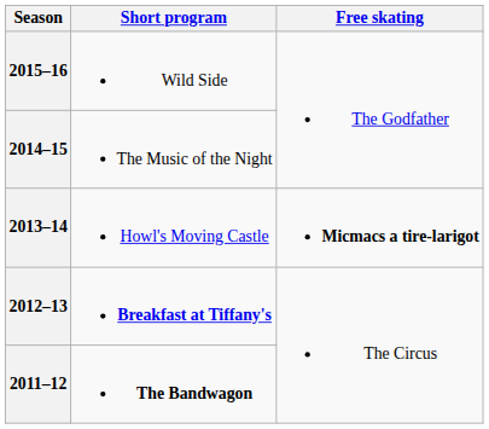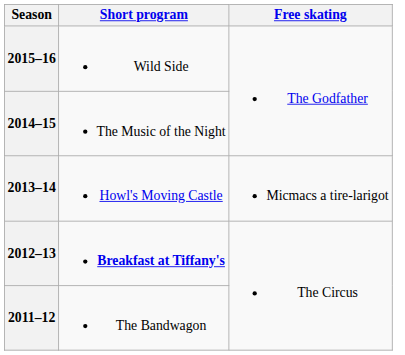 <table class=wikitable style=text-align:center>
 <tr>
 <th>Season</th>
 <th><a href='#'>Short program</a></th>
 <th><a href='#'>Free skating</a></th>
 </tr>
 <tr>
 <th>2015–16 <br> </th>
 <td><br><ul><li>Wild Side <br></li></ul></td>
 <td rowspan=2><br><ul><li><a href='#'>The Godfather</a> <br></li></ul></td>
 </tr>
 <tr>
 <th>2014–15 <br> </th>
 <td><br><ul><li>The Music of the Night <br></li></ul></td>
 </tr>
 <tr>
 <th>2013–14 <br> </th>
 <td><br><ul><li><a href='#'>Howl's Moving Castle</a> <br></li></ul></td>
-<td><strong><br><ul><li>Micmacs a tire-larigot <br></li></ul></strong></td>
+<td><br><ul><li>Micmacs a tire-larigot <br></li></ul></td>
 </tr>
 <tr>
 <th>2012–13 <br> </th>
 <td><strong><br><ul><li><a href='#'>Breakfast at Tiffany's</a> <br></li></ul></strong></td>
 <td rowspan=2><br><ul><li>The Circus <br></li></ul></td>
 </tr>
 <tr>
 <th>2011–12 <br> </th>
-<td><strong><br><ul><li>The Bandwagon <br></li></ul></strong></td>
+<td><br><ul><li>The Bandwagon <br></li></ul></td>
 </tr>
 </table>
